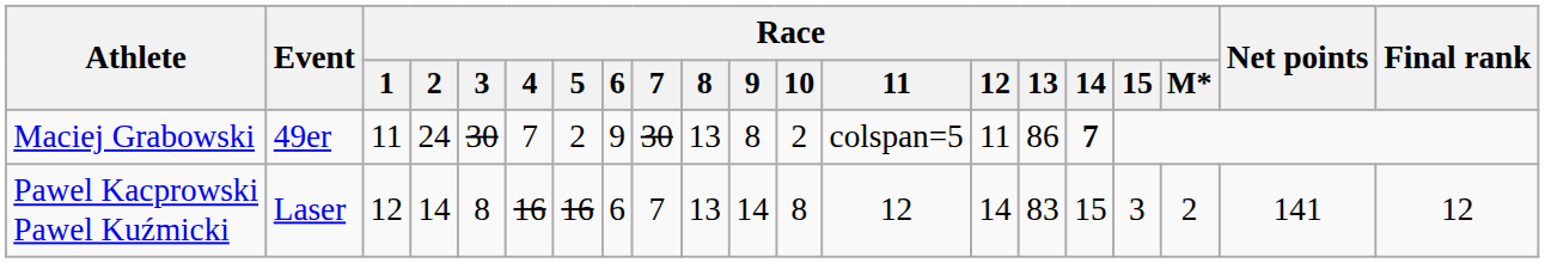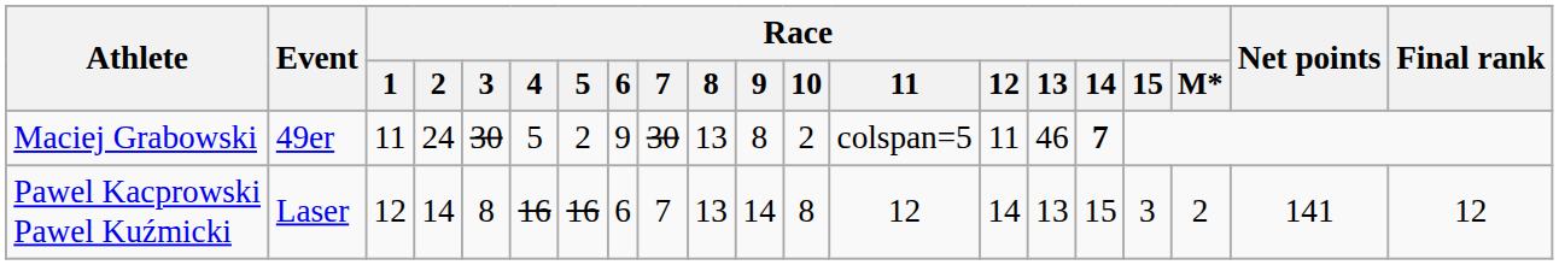 <table class="wikitable" style="font-size:90%">
 <tr>
 <th rowspan=2>Athlete</th>
 <th rowspan=2>Event</th>
 <th colspan=16>Race</th>
 <th rowspan=2>Net points</th>
 <th rowspan=2>Final rank</th>
 </tr>
 <tr style="font-size:95%">
 <th>1</th>
 <th>2</th>
 <th>3</th>
 <th>4</th>
 <th>5</th>
 <th>6</th>
 <th>7</th>
 <th>8</th>
 <th>9</th>
 <th>10</th>
 <th>11</th>
 <th>12</th>
 <th>13</th>
 <th>14</th>
 <th>15</th>
 <th>M*</th>
 </tr>
 <tr align=center>
 <td align=left><a href='#'>Maciej Grabowski</a></td>
 <td align=left><a href='#'>49er</a></td>
 <td>11</td>
 <td>24</td>
 <td><s>30</s></td>
-<td>7</td>
+<td>5</td>
 <td>2</td>
 <td>9</td>
 <td><s>30</s></td>
 <td>13</td>
 <td>8</td>
 <td>2</td>
 <td>colspan=5 </td>
 <td>11</td>
-<td>86</td>
+<td>46</td>
 <td><strong>7</strong></td>
 </tr>
 <tr align=center>
 <td align=left><a href='#'>Pawel Kacprowski</a><br><a href='#'>Pawel Kuźmicki</a></td>
 <td align=left><a href='#'>Laser</a></td>
 <td>12</td>
 <td>14</td>
 <td>8</td>
 <td><s>16</s></td>
 <td><s>16</s></td>
 <td>6</td>
 <td>7</td>
 <td>13</td>
 <td>14</td>
 <td>8</td>
 <td>12</td>
 <td>14</td>
-<td>83</td>
+<td>13</td>
 <td>15</td>
 <td>3</td>
 <td>2</td>
 <td>141</td>
 <td>12</td>
 </tr>
 </table>
